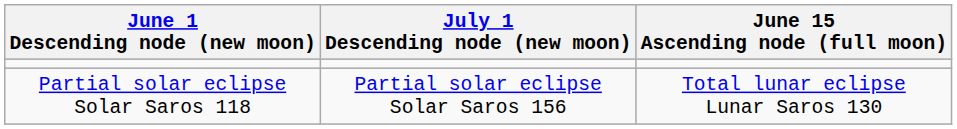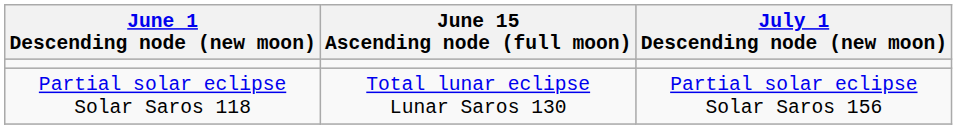 <table class="wikitable">
 <tr>
 <th><a href='#'>June 1</a><br>Descending node (new moon)<br></th>
+<th>June 15<br>Ascending node (full moon)<br></th>
 <th><a href='#'>July 1</a><br>Descending node (new moon)<br></th>
-<th>June 15<br>Ascending node (full moon)<br></th>
 </tr>
 <tr>
 <td></td>
 <td></td>
 <td></td>
 </tr>
 <tr align=center>
 <td><a href='#'>Partial solar eclipse</a><br>Solar Saros 118</td>
+<td><a href='#'>Total lunar eclipse</a><br>Lunar Saros 130</td>
 <td><a href='#'>Partial solar eclipse</a><br>Solar Saros 156</td>
-<td><a href='#'>Total lunar eclipse</a><br>Lunar Saros 130</td>
 </tr>
 </table>
